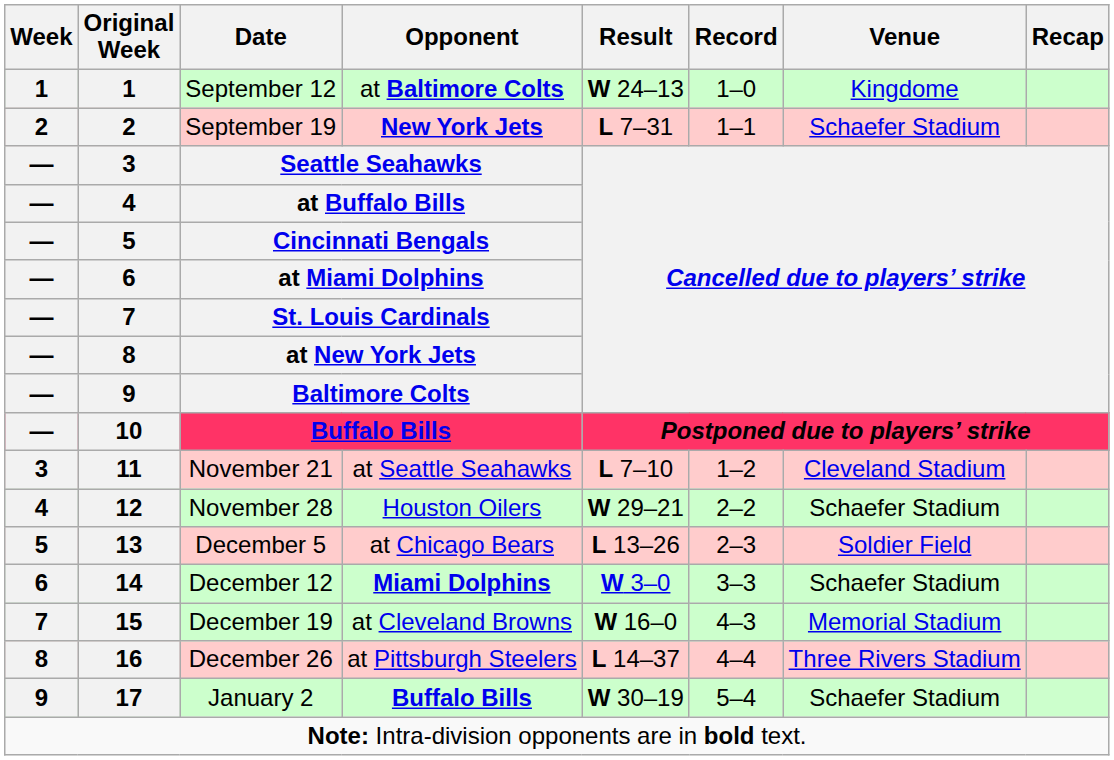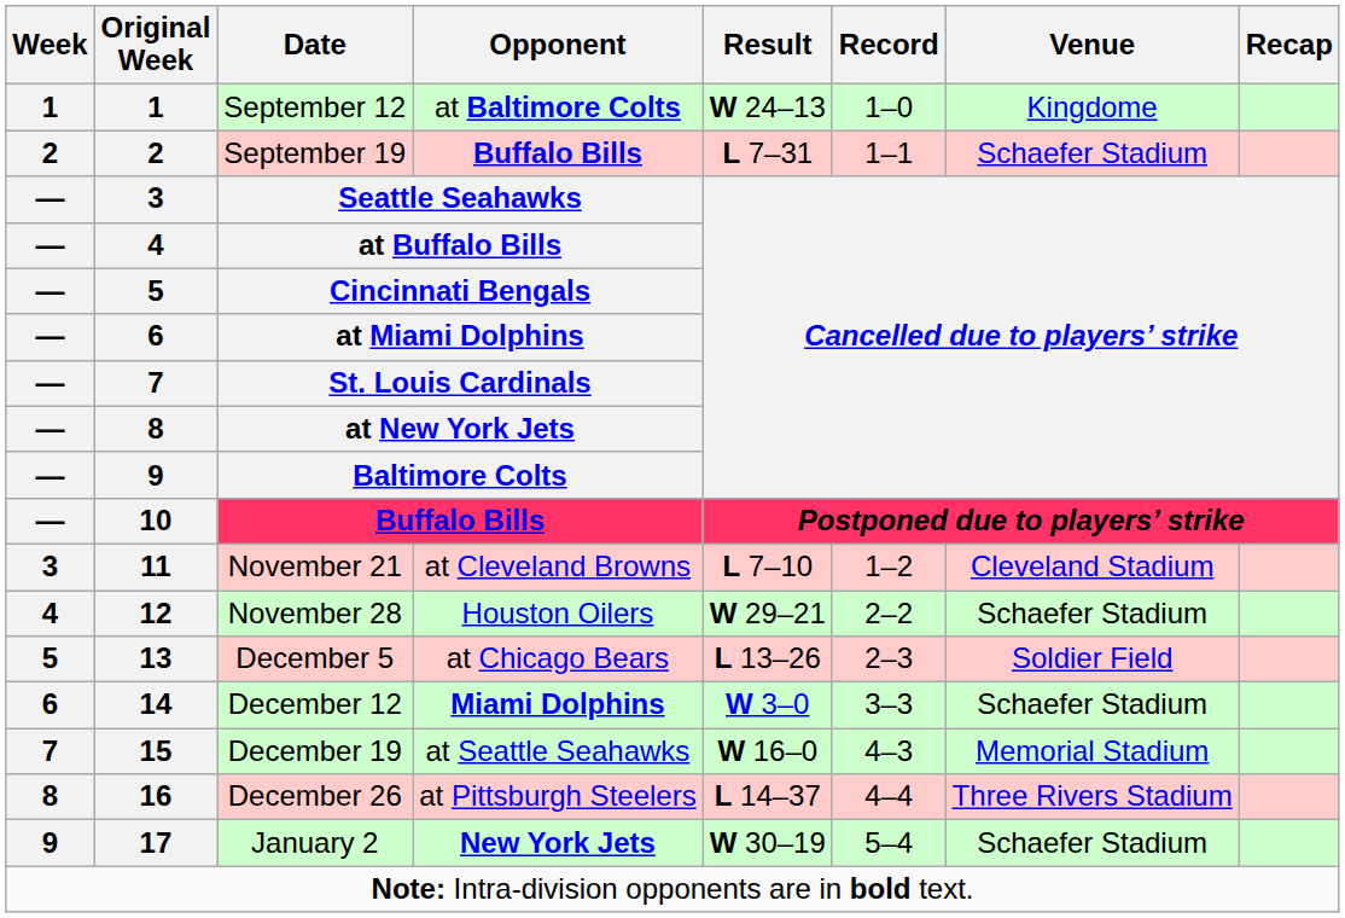 <table class="wikitable" style="text-align:center">
 <tr>
 <th>Week</th>
 <th>Original<br>Week</th>
 <th>Date</th>
 <th>Opponent</th>
 <th>Result</th>
 <th>Record</th>
 <th>Venue</th>
 <th>Recap</th>
 </tr>
 <tr style="background:#cfc">
 <th>1</th>
 <th>1</th>
 <td>September 12</td>
 <td>at <strong><a href='#'>Baltimore Colts</a></strong></td>
 <td><strong>W</strong> 24–13</td>
 <td>1–0</td>
 <td><a href='#'>Kingdome</a></td>
 <td></td>
 </tr>
 <tr style="background:#fcc">
 <th>2</th>
 <th>2</th>
 <td>September 19</td>
-<td><strong><a href='#'>New York Jets</a></strong></td>
+<td><strong><a href='#'>Buffalo Bills</a></strong></td>
 <td><strong>L</strong>  7–31</td>
 <td>1–1</td>
 <td><a href='#'>Schaefer Stadium</a></td>
 <td></td>
 </tr>
 <tr>
 <th>—</th>
 <th>3</th>
 <th colspan="2"><a href='#'>Seattle Seahawks</a></th>
 <th colspan="4" rowspan="7" align="center" ;><strong><em><a href='#'>Cancelled due to players’ strike</a></em></strong></th>
 </tr>
 <tr>
 <th>—</th>
 <th>4</th>
 <th colspan="2">at <strong><a href='#'>Buffalo Bills</a></strong></th>
 </tr>
 <tr>
 <th>—</th>
 <th>5</th>
 <th colspan="2"><a href='#'>Cincinnati Bengals</a></th>
 </tr>
 <tr s>
 <th>—</th>
 <th>6</th>
 <th colspan="2">at <a href='#'>Miami Dolphins</a></th>
 </tr>
 <tr>
 <th>—</th>
 <th>7</th>
 <th colspan="2"><a href='#'>St. Louis Cardinals</a></th>
 </tr>
 <tr>
 <th>—</th>
 <th>8</th>
 <th colspan="2">at <strong><a href='#'>New York Jets</a></strong></th>
 </tr>
 <tr>
 <th>—</th>
 <th>9</th>
 <th colspan="2"><strong><a href='#'>Baltimore Colts</a></strong></th>
 </tr>
 <tr style="background:#F36;">
 <th>—</th>
 <th>10</th>
 <td colspan="2"><strong><a href='#'>Buffalo Bills</a></strong></td>
 <td colspan="4"><strong><em>Postponed due to players’ strike</em></strong></td>
 </tr>
 <tr style="background:#fcc">
 <th>3</th>
 <th>11</th>
 <td>November 21</td>
-<td>at <a href='#'>Seattle Seahawks</a></td>
+<td>at <a href='#'>Cleveland Browns</a></td>
 <td><strong>L</strong>  7–10</td>
 <td>1–2</td>
 <td><a href='#'>Cleveland Stadium</a></td>
 <td></td>
 </tr>
 <tr style="background:#cfc">
 <th>4</th>
 <th>12</th>
 <td>November 28</td>
 <td><a href='#'>Houston Oilers</a></td>
 <td><strong>W</strong> 29–21</td>
 <td>2–2</td>
 <td>Schaefer Stadium</td>
 <td></td>
 </tr>
 <tr style="background:#fcc">
 <th>5</th>
 <th>13</th>
 <td>December 5</td>
 <td>at <a href='#'>Chicago Bears</a></td>
 <td><strong>L</strong> 13–26</td>
 <td>2–3</td>
 <td><a href='#'>Soldier Field</a></td>
 <td></td>
 </tr>
 <tr style="background:#cfc">
 <th>6</th>
 <th>14</th>
 <td>December 12</td>
 <td><strong><a href='#'>Miami Dolphins</a></strong></td>
 <td><a href='#'><strong>W</strong> 3–0</a></td>
 <td>3–3</td>
 <td>Schaefer Stadium</td>
 <td></td>
 </tr>
 <tr style="background:#cfc">
 <th>7</th>
 <th>15</th>
 <td>December 19</td>
-<td>at <a href='#'>Cleveland Browns</a></td>
+<td>at <a href='#'>Seattle Seahawks</a></td>
 <td><strong>W</strong> 16–0</td>
 <td>4–3</td>
 <td><a href='#'>Memorial Stadium</a></td>
 <td></td>
 </tr>
 <tr style="background:#fcc">
 <th>8</th>
 <th>16</th>
 <td>December 26</td>
 <td>at <a href='#'>Pittsburgh Steelers</a></td>
 <td><strong>L</strong>  14–37</td>
 <td>4–4</td>
 <td><a href='#'>Three Rivers Stadium</a></td>
 <td></td>
 </tr>
 <tr style="background:#cfc">
 <th>9</th>
 <th>17</th>
 <td>January 2</td>
-<td><strong><a href='#'>Buffalo Bills</a></strong></td>
+<td><strong><a href='#'>New York Jets</a></strong></td>
 <td><strong>W</strong>  30–19</td>
 <td>5–4</td>
 <td>Schaefer Stadium</td>
 <td></td>
 </tr>
 <tr>
 <td colspan="8"><strong>Note:</strong> Intra-division opponents are in <strong>bold</strong> text.</td>
 </tr>
 </table>
